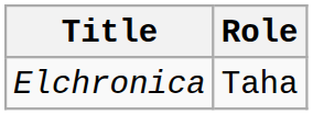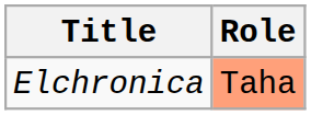 <table class="wikitable">
 <tr>
 <th>Title</th>
 <th>Role</th>
 </tr>
 <tr>
 <td><em>Elchronica</em></td>
-<td>Taha</td>
+<td style="background: lightsalmon;">Taha</td>
 </tr>
 </table>
